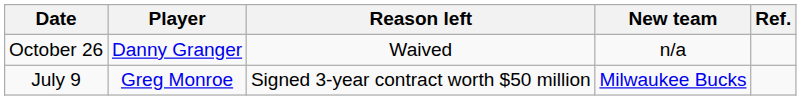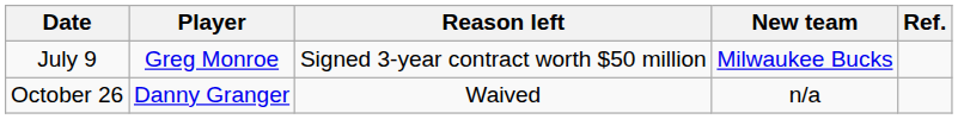 <table class="wikitable sortable sortable">
 <tr>
 <th>Date</th>
 <th>Player</th>
 <th>Reason left</th>
 <th>New team</th>
 <th>Ref.</th>
 </tr>
 <tr style="text-align: center">
+<td>July 9</td>
+<td><a href='#'>Greg Monroe</a></td>
+<td>Signed 3-year contract worth $50 million</td>
+<td><a href='#'>Milwaukee Bucks</a></td>
+<td></td>
+</tr>
+<tr style="text-align: center">
 <td>October 26</td>
 <td><a href='#'>Danny Granger</a></td>
 <td>Waived</td>
 <td>n/a</td>
 <td></td>
 </tr>
-<tr style="text-align: center">
-<td>July 9</td>
-<td><a href='#'>Greg Monroe</a></td>
-<td>Signed 3-year contract worth $50 million</td>
-<td><a href='#'>Milwaukee Bucks</a></td>
-<td></td>
-</tr>
 </table>
